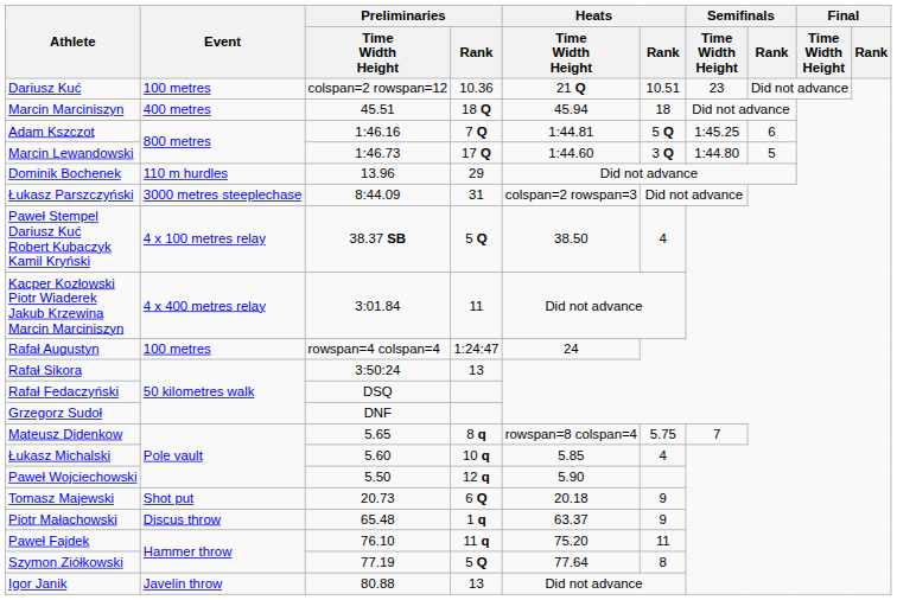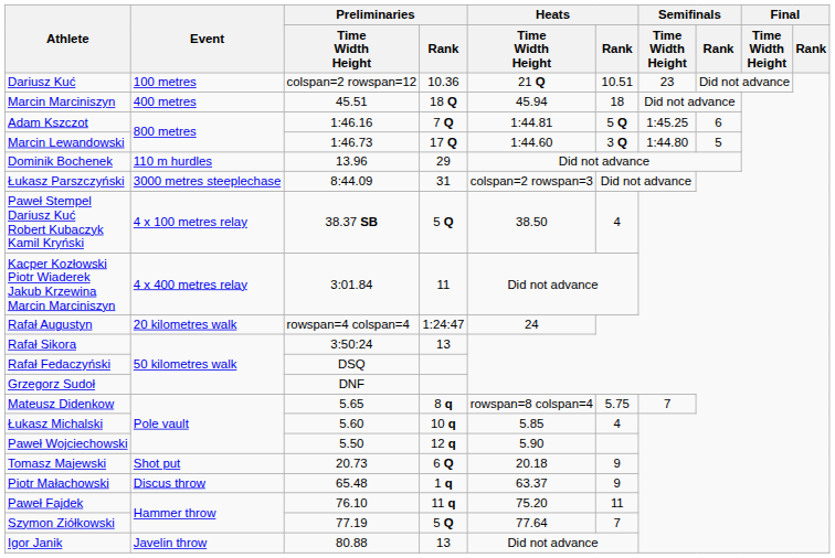 <table class=wikitable style="font-size:90%;">
 <tr>
 <th rowspan="2">Athlete</th>
 <th rowspan="2">Event</th>
 <th colspan="2" style="text-align:center;">Preliminaries</th>
 <th colspan="2" style="text-align:center;">Heats</th>
 <th colspan="2" style="text-align:center;">Semifinals</th>
 <th colspan="2" style="text-align:center;">Final</th>
 </tr>
 <tr>
 <th align=center>Time<br>Width<br>Height</th>
 <th>Rank</th>
 <th align=center>Time<br>Width<br>Height</th>
 <th>Rank</th>
 <th align=center>Time<br>Width<br>Height</th>
 <th>Rank</th>
 <th align=center>Time<br>Width<br>Height</th>
 <th>Rank</th>
 </tr>
 <tr>
 <td><a href='#'>Dariusz Kuć</a></td>
 <td><a href='#'>100 metres</a></td>
 <td>colspan=2 rowspan=12 </td>
 <td align=center>10.36</td>
 <td align=center>21 <strong>Q</strong></td>
 <td align=center>10.51</td>
 <td align=center>23</td>
 <td colspan="2" style="text-align:center;">Did not advance</td>
 </tr>
 <tr>
 <td><a href='#'>Marcin Marciniszyn</a></td>
 <td><a href='#'>400 metres</a></td>
 <td align=center>45.51</td>
 <td align=center>18 <strong>Q</strong></td>
 <td align=center>45.94</td>
 <td align=center>18</td>
 <td colspan="2" style="text-align:center;">Did not advance</td>
 </tr>
 <tr>
 <td><a href='#'>Adam Kszczot</a></td>
 <td rowspan=2><a href='#'>800 metres</a></td>
 <td align=center>1:46.16</td>
 <td align=center>7 <strong>Q</strong></td>
 <td align=center>1:44.81</td>
 <td align=center>5 <strong>Q</strong></td>
 <td align=center>1:45.25</td>
 <td align=center>6</td>
 </tr>
 <tr>
 <td><a href='#'>Marcin Lewandowski</a></td>
 <td align=center>1:46.73</td>
 <td align=center>17 <strong>Q</strong></td>
 <td align=center>1:44.60</td>
 <td align=center>3 <strong>Q</strong></td>
 <td align=center>1:44.80</td>
 <td align=center>5</td>
 </tr>
 <tr>
 <td><a href='#'>Dominik Bochenek</a></td>
 <td><a href='#'>110 m hurdles</a></td>
 <td align=center>13.96</td>
 <td align=center>29</td>
 <td colspan="4" style="text-align:center;">Did not advance</td>
 </tr>
 <tr>
 <td><a href='#'>Łukasz Parszczyński</a></td>
 <td><a href='#'>3000 metres steeplechase</a></td>
 <td align=center>8:44.09</td>
 <td align=center>31</td>
 <td>colspan=2 rowspan=3 </td>
 <td colspan="2" style="text-align:center;">Did not advance</td>
 </tr>
 <tr>
 <td><a href='#'>Paweł Stempel</a><br><a href='#'>Dariusz Kuć</a><br><a href='#'>Robert Kubaczyk</a><br><a href='#'>Kamil Kryński</a><br></td>
 <td><a href='#'>4 x 100 metres relay</a></td>
 <td align=center>38.37 <strong>SB</strong></td>
 <td align=center>5 <strong>Q</strong></td>
 <td align=center>38.50</td>
 <td align=center>4</td>
 </tr>
 <tr>
 <td><a href='#'>Kacper Kozłowski</a><br><a href='#'>Piotr Wiaderek</a><br><a href='#'>Jakub Krzewina</a><br><a href='#'>Marcin Marciniszyn</a><br></td>
 <td><a href='#'>4 x 400 metres relay</a></td>
 <td align=center>3:01.84</td>
 <td align=center>11</td>
 <td colspan="2" style="text-align:center;">Did not advance</td>
 </tr>
 <tr>
 <td><a href='#'>Rafał Augustyn</a></td>
-<td><a href='#'>100 metres</a></td>
+<td><a href='#'>20 kilometres walk</a></td>
 <td>rowspan=4 colspan=4 </td>
 <td align=center>1:24:47</td>
 <td align=center>24</td>
 </tr>
 <tr>
 <td><a href='#'>Rafał Sikora</a></td>
 <td rowspan=3><a href='#'>50 kilometres walk</a></td>
 <td align=center>3:50:24</td>
 <td align=center>13</td>
 </tr>
 <tr>
 <td><a href='#'>Rafał Fedaczyński</a></td>
 <td align=center>DSQ</td>
 <td align=center></td>
 </tr>
 <tr>
 <td><a href='#'>Grzegorz Sudoł</a></td>
 <td align=center>DNF</td>
 <td align=center></td>
 </tr>
 <tr>
 <td><a href='#'>Mateusz Didenkow</a></td>
 <td rowspan=3><a href='#'>Pole vault</a></td>
 <td align=center>5.65</td>
 <td align=center>8 <strong>q</strong></td>
 <td>rowspan=8 colspan=4 </td>
 <td align=center>5.75</td>
 <td align=center>7</td>
 </tr>
 <tr>
 <td><a href='#'>Łukasz Michalski</a></td>
 <td align=center>5.60</td>
 <td align=center>10 <strong>q</strong></td>
 <td align=center>5.85</td>
 <td align=center>4</td>
 </tr>
 <tr>
 <td><a href='#'>Paweł Wojciechowski</a></td>
 <td align=center>5.50</td>
 <td align=center>12 <strong>q</strong></td>
 <td align=center>5.90</td>
 <td align=center></td>
 </tr>
 <tr>
 <td><a href='#'>Tomasz Majewski</a></td>
 <td><a href='#'>Shot put</a></td>
 <td align=center>20.73</td>
 <td align=center>6 <strong>Q</strong></td>
 <td align=center>20.18</td>
 <td align=center>9</td>
 </tr>
 <tr>
 <td><a href='#'>Piotr Małachowski</a></td>
 <td><a href='#'>Discus throw</a></td>
 <td align=center>65.48</td>
 <td align=center>1 <strong>q</strong></td>
 <td align=center>63.37</td>
 <td align=center>9</td>
 </tr>
 <tr>
 <td><a href='#'>Paweł Fajdek</a></td>
 <td rowspan=2><a href='#'>Hammer throw</a></td>
 <td align=center>76.10</td>
 <td align=center>11 <strong>q</strong></td>
 <td align=center>75.20</td>
 <td align=center>11</td>
 </tr>
 <tr>
 <td><a href='#'>Szymon Ziółkowski</a></td>
 <td align=center>77.19</td>
 <td align=center>5 <strong>Q</strong></td>
 <td align=center>77.64</td>
-<td align=center>8</td>
+<td align=center>7</td>
 </tr>
 <tr>
 <td><a href='#'>Igor Janik</a></td>
 <td><a href='#'>Javelin throw</a></td>
 <td align=center>80.88</td>
 <td align=center>13</td>
 <td colspan="2" style="text-align:center;">Did not advance</td>
 </tr>
 </table>
